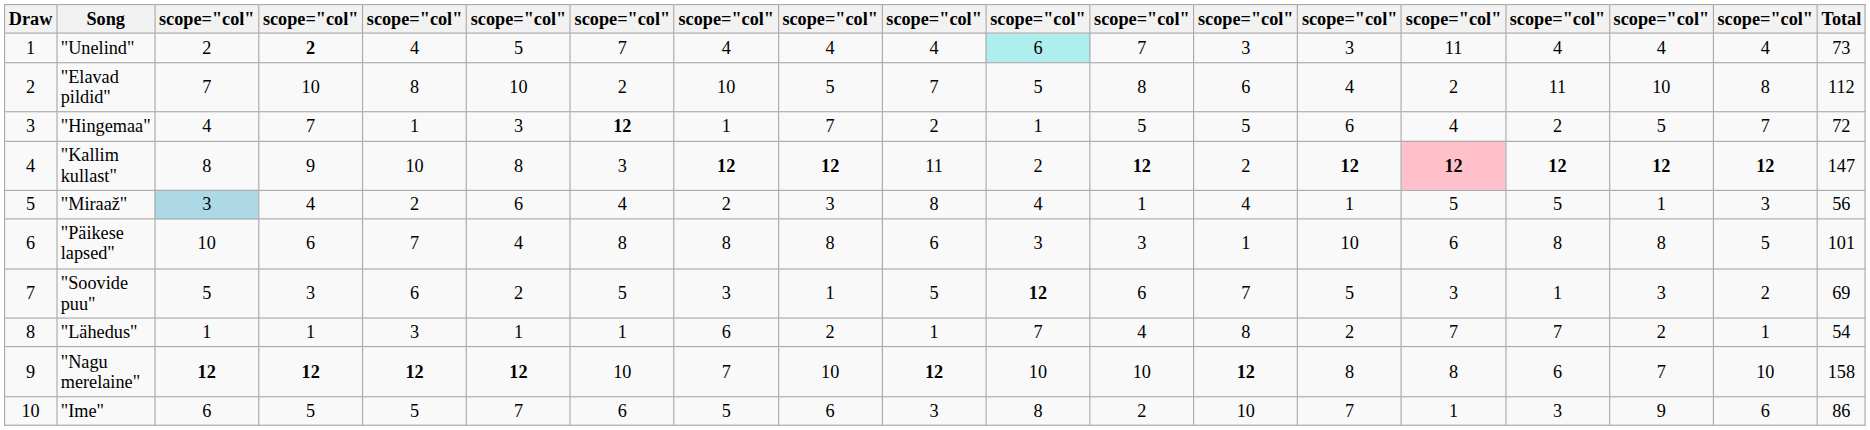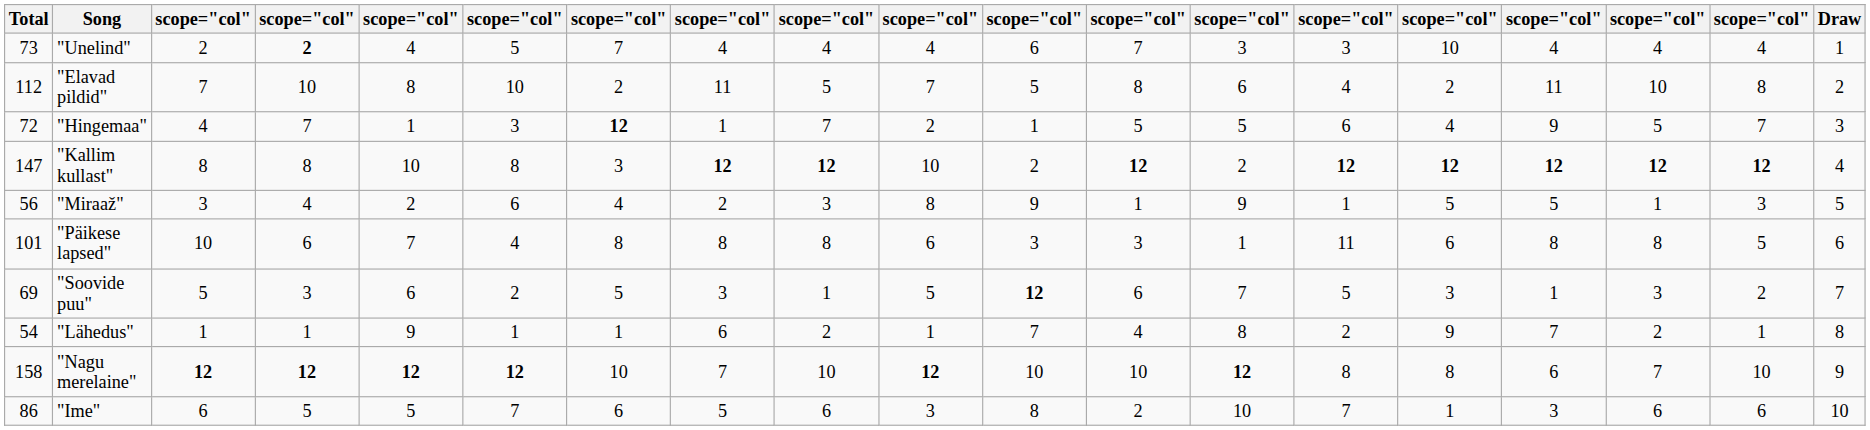 <table class="wikitable plainrowheaders" style="margin: 1em auto 1em auto; text-align:center;">
 <tr>
-<th scope="col">Draw</th>
+<th scope="col">Total</th>
 <th scope="col">Song</th>
 <th>scope="col" </th>
 <th>scope="col" </th>
 <th>scope="col" </th>
 <th>scope="col" </th>
 <th>scope="col" </th>
 <th>scope="col" </th>
 <th>scope="col" </th>
 <th>scope="col" </th>
 <th>scope="col" </th>
 <th>scope="col" </th>
 <th>scope="col" </th>
 <th>scope="col" </th>
 <th>scope="col" </th>
 <th>scope="col" </th>
 <th>scope="col" </th>
 <th>scope="col" </th>
-<th scope="col">Total</th>
+<th scope="col">Draw</th>
 </tr>
 <tr>
-<td>1</td>
+<td>73</td>
 <td align="left">"Unelind"</td>
 <td>2</td>
 <td><strong>2</strong></td>
 <td>4</td>
 <td>5</td>
 <td>7</td>
 <td>4</td>
 <td>4</td>
 <td>4</td>
-<td style="background: paleturquoise;">6</td>
+<td>6</td>
 <td>7</td>
 <td>3</td>
 <td>3</td>
-<td>11</td>
+<td>10</td>
 <td>4</td>
 <td>4</td>
 <td>4</td>
-<td>73</td>
+<td>1</td>
 </tr>
 <tr>
-<td>2</td>
+<td>112</td>
 <td align="left">"Elavad pildid"</td>
 <td>7</td>
 <td>10</td>
 <td>8</td>
 <td>10</td>
 <td>2</td>
-<td>10</td>
+<td>11</td>
 <td>5</td>
 <td>7</td>
 <td>5</td>
 <td>8</td>
 <td>6</td>
 <td>4</td>
 <td>2</td>
 <td>11</td>
 <td>10</td>
 <td>8</td>
-<td>112</td>
+<td>2</td>
 </tr>
 <tr>
-<td>3</td>
+<td>72</td>
 <td align="left">"Hingemaa"</td>
 <td>4</td>
 <td>7</td>
 <td>1</td>
 <td>3</td>
 <td><strong>12</strong></td>
 <td>1</td>
 <td>7</td>
 <td>2</td>
 <td>1</td>
 <td>5</td>
 <td>5</td>
 <td>6</td>
 <td>4</td>
-<td>2</td>
+<td>9</td>
 <td>5</td>
 <td>7</td>
-<td>72</td>
+<td>3</td>
 </tr>
 <tr>
-<td>4</td>
+<td>147</td>
 <td align="left">"Kallim kullast"</td>
 <td>8</td>
-<td>9</td>
+<td>8</td>
 <td>10</td>
 <td>8</td>
 <td>3</td>
 <td><strong>12</strong></td>
 <td><strong>12</strong></td>
-<td>11</td>
+<td>10</td>
 <td>2</td>
 <td><strong>12</strong></td>
 <td>2</td>
 <td><strong>12</strong></td>
-<td style="background: pink;"><strong>12</strong></td>
 <td><strong>12</strong></td>
 <td><strong>12</strong></td>
 <td><strong>12</strong></td>
-<td>147</td>
+<td><strong>12</strong></td>
+<td>4</td>
 </tr>
 <tr>
-<td>5</td>
+<td>56</td>
 <td align="left">"Miraaž"</td>
-<td style="background: lightblue;">3</td>
+<td>3</td>
 <td>4</td>
 <td>2</td>
 <td>6</td>
 <td>4</td>
 <td>2</td>
 <td>3</td>
 <td>8</td>
-<td>4</td>
+<td>9</td>
 <td>1</td>
-<td>4</td>
+<td>9</td>
 <td>1</td>
 <td>5</td>
 <td>5</td>
 <td>1</td>
 <td>3</td>
-<td>56</td>
+<td>5</td>
 </tr>
 <tr>
-<td>6</td>
+<td>101</td>
 <td align="left">"Päikese lapsed"</td>
 <td>10</td>
 <td>6</td>
 <td>7</td>
 <td>4</td>
 <td>8</td>
 <td>8</td>
 <td>8</td>
 <td>6</td>
 <td>3</td>
 <td>3</td>
 <td>1</td>
-<td>10</td>
+<td>11</td>
 <td>6</td>
 <td>8</td>
 <td>8</td>
 <td>5</td>
-<td>101</td>
+<td>6</td>
 </tr>
 <tr>
-<td>7</td>
+<td>69</td>
 <td align="left">"Soovide puu"</td>
 <td>5</td>
 <td>3</td>
 <td>6</td>
 <td>2</td>
 <td>5</td>
 <td>3</td>
 <td>1</td>
 <td>5</td>
 <td><strong>12</strong></td>
 <td>6</td>
 <td>7</td>
 <td>5</td>
 <td>3</td>
 <td>1</td>
 <td>3</td>
 <td>2</td>
-<td>69</td>
+<td>7</td>
 </tr>
 <tr>
-<td>8</td>
+<td>54</td>
 <td align="left">"Lähedus"</td>
 <td>1</td>
 <td>1</td>
-<td>3</td>
+<td>9</td>
 <td>1</td>
 <td>1</td>
 <td>6</td>
 <td>2</td>
 <td>1</td>
 <td>7</td>
 <td>4</td>
 <td>8</td>
 <td>2</td>
-<td>7</td>
+<td>9</td>
 <td>7</td>
 <td>2</td>
 <td>1</td>
-<td>54</td>
+<td>8</td>
 </tr>
 <tr>
-<td>9</td>
+<td>158</td>
 <td align="left">"Nagu merelaine"</td>
 <td><strong>12</strong></td>
 <td><strong>12</strong></td>
 <td><strong>12</strong></td>
 <td><strong>12</strong></td>
 <td>10</td>
 <td>7</td>
 <td>10</td>
 <td><strong>12</strong></td>
 <td>10</td>
 <td>10</td>
 <td><strong>12</strong></td>
 <td>8</td>
 <td>8</td>
 <td>6</td>
 <td>7</td>
 <td>10</td>
-<td>158</td>
+<td>9</td>
 </tr>
 <tr>
-<td>10</td>
+<td>86</td>
 <td align="left">"Ime"</td>
 <td>6</td>
 <td>5</td>
 <td>5</td>
 <td>7</td>
 <td>6</td>
 <td>5</td>
 <td>6</td>
 <td>3</td>
 <td>8</td>
 <td>2</td>
 <td>10</td>
 <td>7</td>
 <td>1</td>
 <td>3</td>
-<td>9</td>
 <td>6</td>
-<td>86</td>
+<td>6</td>
+<td>10</td>
 </tr>
 </table>
